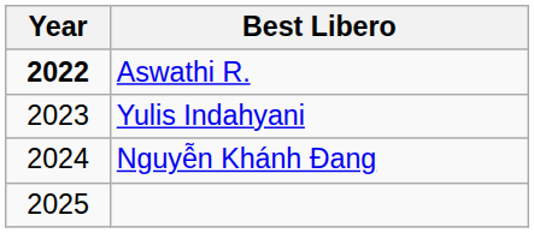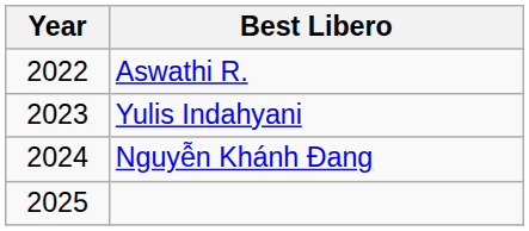 <table class="wikitable" style="width:300px;">
 <tr>
 <th width=20%>Year</th>
 <th width=80%>Best Libero</th>
 </tr>
 <tr>
-<td align=center><strong>2022</strong></td>
+<td align=center>2022</td>
 <td> <a href='#'>Aswathi R.</a></td>
 </tr>
 <tr>
 <td align=center>2023</td>
 <td> <a href='#'>Yulis Indahyani</a></td>
 </tr>
 <tr>
 <td align=center>2024</td>
 <td> <a href='#'>Nguyễn Khánh Đang</a></td>
 </tr>
 <tr>
 <td align=center>2025</td>
 <td></td>
 </tr>
 </table>
